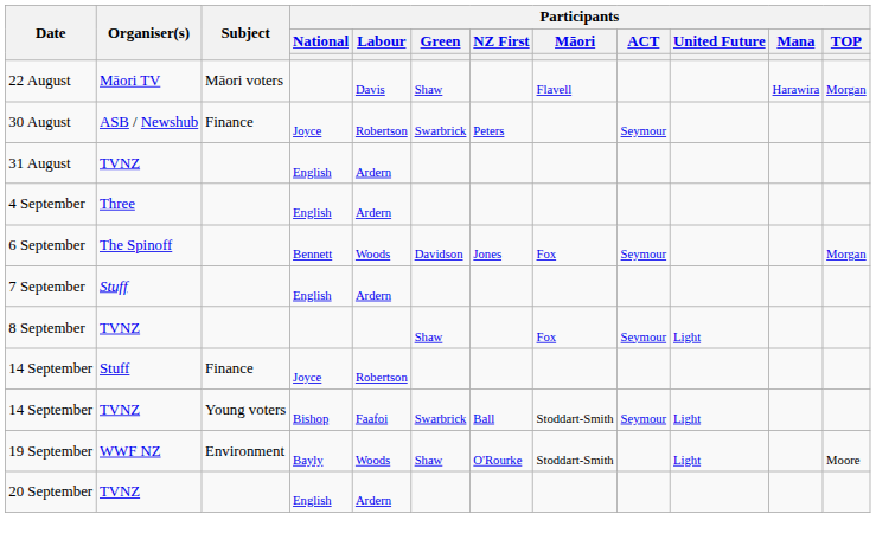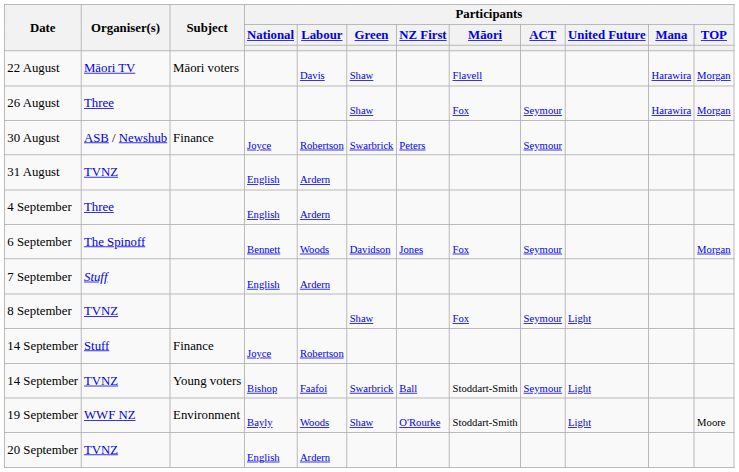 <table class="wikitable">
 <tr>
 <th rowspan=3>Date</th>
 <th rowspan=3>Organiser(s)</th>
 <th rowspan=3>Subject</th>
 <th colspan=9>Participants</th>
 </tr>
 <tr>
 <th><a href='#'>National</a></th>
 <th><a href='#'>Labour</a></th>
 <th><a href='#'>Green</a></th>
 <th><a href='#'>NZ First</a></th>
 <th><a href='#'>Māori</a></th>
 <th><a href='#'>ACT</a></th>
 <th><a href='#'>United Future</a></th>
 <th><a href='#'>Mana</a></th>
 <th><a href='#'>TOP</a></th>
 </tr>
 <tr>
 <th style="background:"></th>
 <th style="background:"></th>
 <th style="background:"></th>
 <th style="background:"></th>
 <th style="background:"></th>
 <th style="background:"></th>
 <th style="background:"></th>
 <th style="background:"></th>
 <th style="background:"></th>
 </tr>
 <tr>
 <td>22 August</td>
 <td><a href='#'>Māori TV</a></td>
 <td>Māori voters</td>
 <td></td>
 <td><br><small><a href='#'>Davis</a></small></td>
 <td><br><small><a href='#'>Shaw</a></small></td>
 <td></td>
 <td><br><small><a href='#'>Flavell</a></small></td>
 <td></td>
+<td></td>
+<td><br><small><a href='#'>Harawira</a></small></td>
+<td><br><small><a href='#'>Morgan</a></small></td>
+</tr>
+<tr>
+<td>26 August</td>
+<td><a href='#'>Three</a></td>
+<td></td>
+<td></td>
+<td></td>
+<td><br><small><a href='#'>Shaw</a></small></td>
+<td></td>
+<td><br><small><a href='#'>Fox</a></small></td>
+<td><br><small><a href='#'>Seymour</a></small></td>
 <td></td>
 <td><br><small><a href='#'>Harawira</a></small></td>
 <td><br><small><a href='#'>Morgan</a></small></td>
 </tr>
 <tr>
 <td>30 August</td>
 <td><a href='#'>ASB</a> / <a href='#'>Newshub</a></td>
 <td>Finance</td>
 <td> <br><small><a href='#'>Joyce</a></small></td>
 <td><br><small><a href='#'>Robertson</a></small></td>
 <td><br><small><a href='#'>Swarbrick</a></small></td>
 <td> <br><small><a href='#'>Peters</a></small></td>
 <td></td>
 <td><br><small><a href='#'>Seymour</a></small></td>
 <td></td>
 <td></td>
 <td></td>
 </tr>
 <tr>
 <td>31 August</td>
 <td><a href='#'>TVNZ</a></td>
 <td></td>
 <td><br><small><a href='#'>English</a></small></td>
 <td> <br><small><a href='#'>Ardern</a></small></td>
 <td></td>
 <td></td>
 <td></td>
 <td></td>
 <td></td>
 <td></td>
 <td></td>
 </tr>
 <tr>
 <td>4 September</td>
 <td><a href='#'>Three</a></td>
 <td></td>
 <td><br><small><a href='#'>English</a></small></td>
 <td> <br><small><a href='#'>Ardern</a></small></td>
 <td></td>
 <td></td>
 <td></td>
 <td></td>
 <td></td>
 <td></td>
 <td></td>
 </tr>
 <tr>
 <td>6 September</td>
 <td><a href='#'>The Spinoff</a></td>
 <td></td>
 <td><br><small><a href='#'>Bennett</a></small></td>
 <td><br><small><a href='#'>Woods</a></small></td>
 <td> <br><small><a href='#'>Davidson</a></small></td>
 <td><br><small><a href='#'>Jones</a></small></td>
 <td><br><small><a href='#'>Fox</a></small></td>
 <td><br><small><a href='#'>Seymour</a></small></td>
 <td></td>
 <td></td>
 <td><br><small><a href='#'>Morgan</a></small></td>
 </tr>
 <tr>
 <td>7 September</td>
 <td><em><a href='#'>Stuff</a></em></td>
 <td></td>
 <td><br><small><a href='#'>English</a></small></td>
 <td><br><small><a href='#'>Ardern</a></small></td>
 <td></td>
 <td></td>
 <td></td>
 <td></td>
 <td></td>
 <td></td>
 <td></td>
 </tr>
 <tr>
 <td>8 September</td>
 <td><a href='#'>TVNZ</a></td>
 <td></td>
 <td></td>
 <td></td>
 <td><br><small><a href='#'>Shaw</a></small></td>
 <td></td>
 <td><br><small><a href='#'>Fox</a></small></td>
 <td><br><small><a href='#'>Seymour</a></small></td>
 <td><br><small><a href='#'>Light</a></small></td>
 <td></td>
 <td></td>
 </tr>
 <tr>
 <td>14 September</td>
 <td><a href='#'>Stuff</a></td>
 <td>Finance</td>
 <td> <br><small><a href='#'>Joyce</a></small></td>
 <td><br><small><a href='#'>Robertson</a></small></td>
 <td></td>
 <td></td>
 <td></td>
 <td></td>
 <td></td>
 <td></td>
 <td></td>
 </tr>
 <tr>
 <td>14 September</td>
 <td><a href='#'>TVNZ</a></td>
 <td>Young voters</td>
 <td><br><small><a href='#'>Bishop</a></small></td>
 <td><br><small><a href='#'>Faafoi</a></small></td>
 <td><br><small><a href='#'>Swarbrick</a></small></td>
 <td><br><small><a href='#'>Ball</a></small></td>
 <td><br><small>Stoddart-Smith</small></td>
 <td><br><small><a href='#'>Seymour</a></small></td>
 <td><br><small><a href='#'>Light</a></small></td>
 <td></td>
 <td></td>
 </tr>
 <tr>
 <td>19 September</td>
 <td><a href='#'>WWF NZ</a></td>
 <td>Environment</td>
 <td><br><small><a href='#'>Bayly</a></small></td>
 <td><br><small><a href='#'>Woods</a></small></td>
 <td><br><small><a href='#'>Shaw</a></small></td>
 <td><br><small><a href='#'>O'Rourke</a></small></td>
 <td><br><small>Stoddart-Smith</small></td>
 <td></td>
 <td><br><small><a href='#'>Light</a></small></td>
 <td></td>
 <td><br><small>Moore</small></td>
 </tr>
 <tr>
 <td>20 September</td>
 <td><a href='#'>TVNZ</a></td>
 <td></td>
 <td><br><small><a href='#'>English</a></small></td>
 <td><br><small><a href='#'>Ardern</a></small></td>
 <td></td>
 <td></td>
 <td></td>
 <td></td>
 <td></td>
 <td></td>
 <td></td>
 </tr>
 </table>
